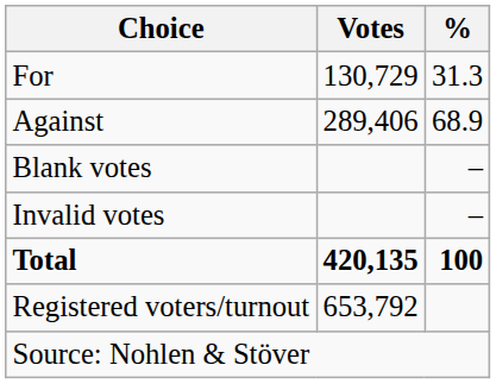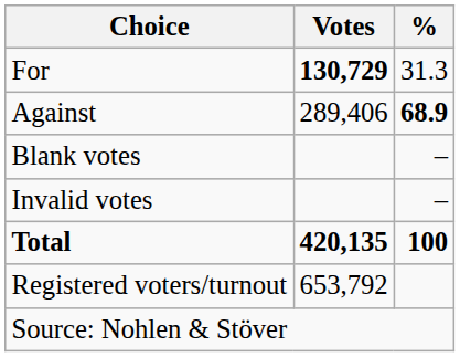 <table class=wikitable style=text-align:right>
 <tr>
 <th>Choice</th>
 <th>Votes</th>
 <th>%</th>
 </tr>
 <tr>
 <td align=left>For</td>
-<td>130,729</td>
+<td><strong>130,729</strong></td>
 <td>31.3</td>
 </tr>
 <tr>
 <td align=left>Against</td>
 <td>289,406</td>
-<td>68.9</td>
+<td><strong>68.9</strong></td>
 </tr>
 <tr>
 <td align=left>Blank votes</td>
 <td></td>
 <td>–</td>
 </tr>
 <tr>
 <td align=left>Invalid votes</td>
 <td></td>
 <td>–</td>
 </tr>
 <tr>
 <td align=left><strong>Total</strong></td>
 <td><strong>420,135</strong></td>
 <td><strong>100</strong></td>
 </tr>
 <tr>
 <td align=left>Registered voters/turnout</td>
 <td>653,792</td>
 <td></td>
 </tr>
 <tr>
 <td align=left colspan=3>Source: Nohlen & Stöver</td>
 </tr>
 </table>
